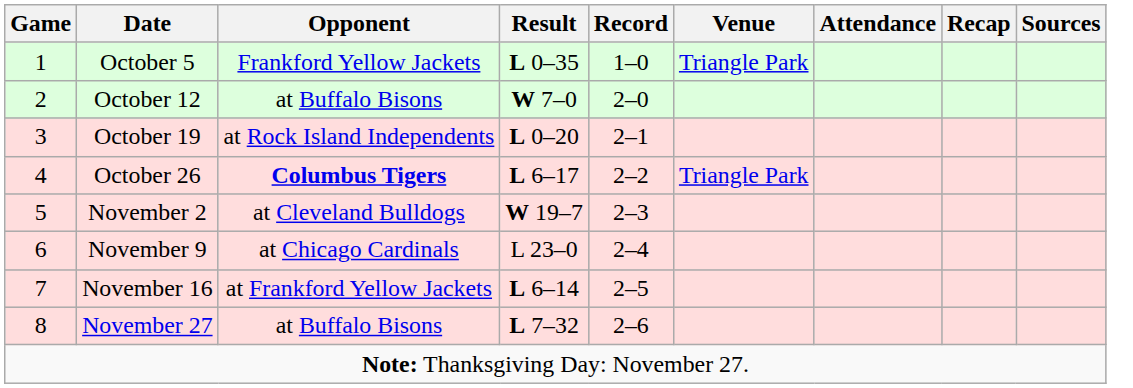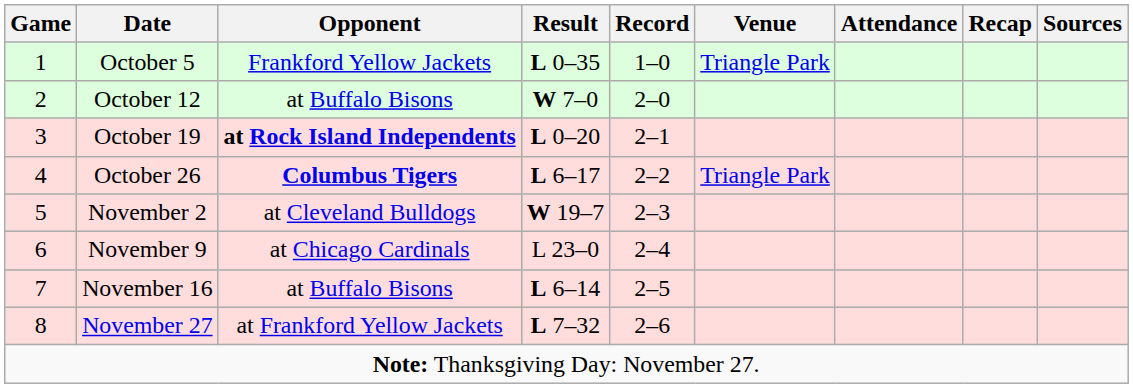 <table class="wikitable" style="text-align:center">
 <tr>
 <th>Game</th>
 <th>Date</th>
 <th>Opponent</th>
 <th>Result</th>
 <th>Record</th>
 <th>Venue</th>
 <th>Attendance</th>
 <th>Recap</th>
 <th>Sources</th>
 </tr>
 <tr style="background: #ddffdd;">
 <td>1</td>
 <td>October 5</td>
 <td><a href='#'>Frankford Yellow Jackets</a></td>
 <td><strong>L</strong> 0–35</td>
 <td>1–0</td>
 <td><a href='#'>Triangle Park</a></td>
 <td></td>
 <td></td>
 <td></td>
 </tr>
 <tr style="background: #ddffdd;">
 <td>2</td>
 <td>October 12</td>
 <td>at <a href='#'>Buffalo Bisons</a></td>
 <td><strong>W</strong> 7–0</td>
 <td>2–0</td>
 <td></td>
 <td></td>
 <td></td>
 <td></td>
 </tr>
 <tr style="background: #ffdddd;">
 <td>3</td>
 <td>October 19</td>
-<td>at <a href='#'>Rock Island Independents</a></td>
+<td><strong>at <a href='#'>Rock Island Independents</a></strong></td>
 <td><strong>L</strong> 0–20</td>
 <td>2–1</td>
 <td></td>
 <td></td>
 <td></td>
 <td></td>
 </tr>
 <tr style="background: #ffdddd;">
 <td>4</td>
 <td>October 26</td>
 <td><strong><a href='#'>Columbus Tigers</a></strong></td>
 <td><strong>L</strong> 6–17</td>
 <td>2–2</td>
 <td><a href='#'>Triangle Park</a></td>
 <td></td>
 <td></td>
 <td></td>
 </tr>
 <tr style="background: #ffdddd;">
 <td>5</td>
 <td>November 2</td>
 <td>at <a href='#'>Cleveland Bulldogs</a></td>
 <td><strong>W</strong> 19–7</td>
 <td>2–3</td>
 <td></td>
 <td></td>
 <td></td>
 <td></td>
 </tr>
 <tr style="background: #ffdddd;">
 <td>6</td>
 <td>November 9</td>
 <td>at <a href='#'>Chicago Cardinals</a></td>
 <td>L 23–0</td>
 <td>2–4</td>
 <td></td>
 <td></td>
 <td></td>
 <td></td>
 </tr>
 <tr style="background: #ffdddd;">
 <td>7</td>
 <td>November 16</td>
-<td>at <a href='#'>Frankford Yellow Jackets</a></td>
+<td>at <a href='#'>Buffalo Bisons</a></td>
 <td><strong>L</strong> 6–14</td>
 <td>2–5</td>
 <td></td>
 <td></td>
 <td></td>
 <td></td>
 </tr>
 <tr style="background: #ffdddd;">
 <td>8</td>
 <td><a href='#'>November 27</a></td>
-<td>at <a href='#'>Buffalo Bisons</a></td>
+<td>at <a href='#'>Frankford Yellow Jackets</a></td>
 <td><strong>L</strong> 7–32</td>
 <td>2–6</td>
 <td></td>
 <td></td>
 <td></td>
 <td></td>
 </tr>
 <tr>
 <td colspan="10"><strong>Note:</strong> Thanksgiving Day: November 27.</td>
 </tr>
 </table>
